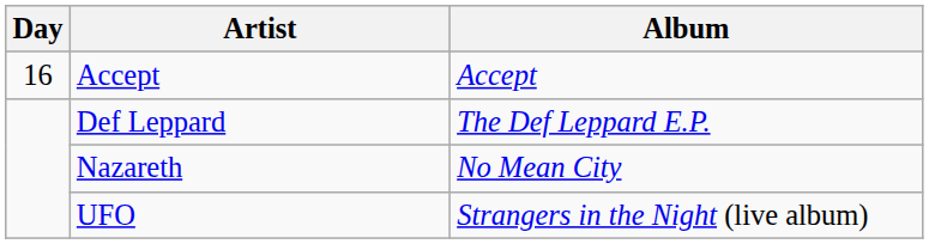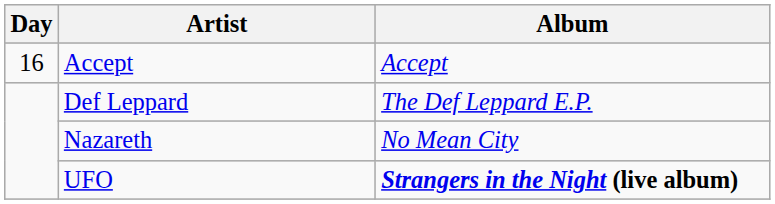 <table class="wikitable" border="1">
 <tr>
 <th>Day</th>
 <th width="200">Artist</th>
 <th width="250">Album</th>
 </tr>
 <tr>
 <td style="text-align:center;" rowspan="1">16</td>
 <td><a href='#'>Accept</a></td>
 <td><em><a href='#'>Accept</a></em></td>
 </tr>
 <tr>
 <td rowspan="3"></td>
 <td><a href='#'>Def Leppard</a></td>
 <td><em><a href='#'>The Def Leppard E.P.</a></em></td>
 </tr>
 <tr>
 <td><a href='#'>Nazareth</a></td>
 <td><em><a href='#'>No Mean City</a></em></td>
 </tr>
 <tr>
 <td><a href='#'>UFO</a></td>
-<td><em><a href='#'>Strangers in the Night</a></em> (live album)</td>
+<td><strong><em><a href='#'>Strangers in the Night</a></em> (live album)</strong></td>
 </tr>
 </table>
